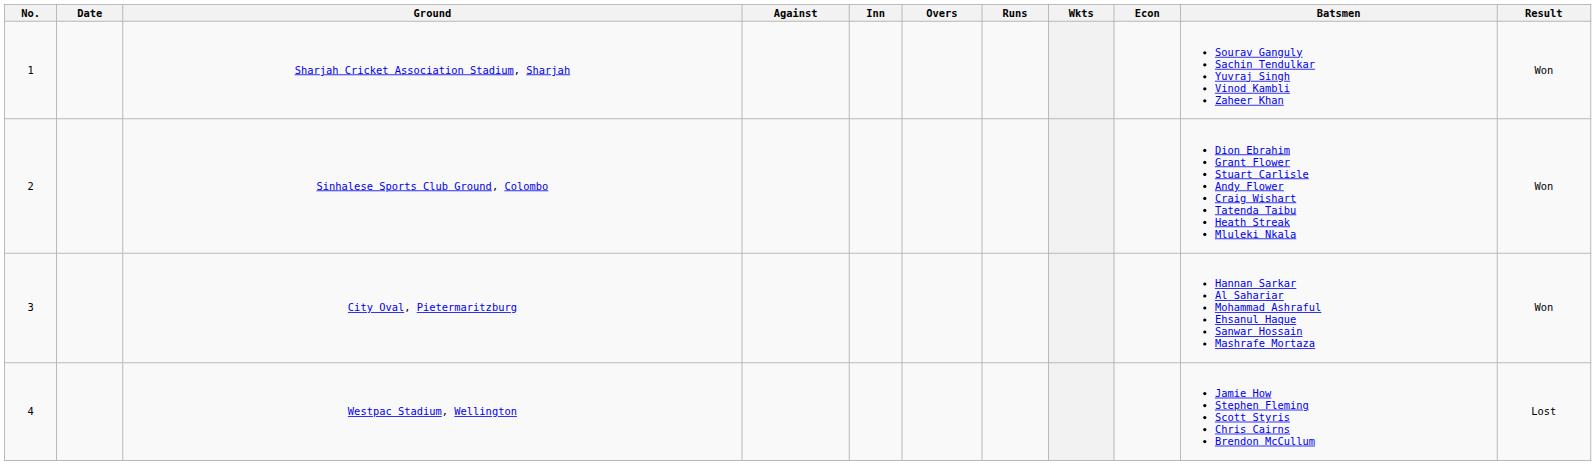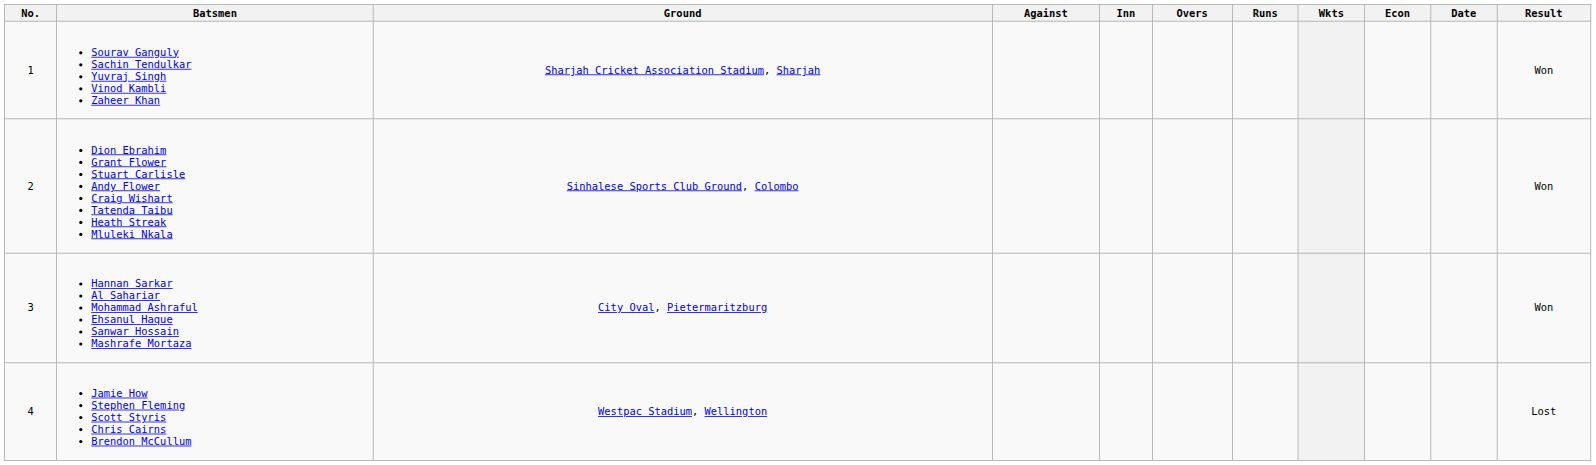 <table class="wikitable plainrowheaders sortable" style="width:100%">
 <tr>
 <th scope="col" class="unsortable">No.</th>
-<th scope="col">Date</th>
+<th scope="col" class="unsortable">Batsmen</th>
 <th scope="col">Ground</th>
 <th scope="col">Against</th>
 <th scope="col">Inn</th>
 <th scope="col">Overs</th>
 <th scope="col">Runs</th>
 <th scope="col">Wkts</th>
 <th scope="col">Econ</th>
-<th scope="col" class="unsortable">Batsmen</th>
+<th scope="col">Date</th>
 <th scope="col">Result</th>
 </tr>
 <tr align=center>
 <td>1</td>
-<td></td>
+<td align=left><br><ul><li><a href='#'>Sourav Ganguly</a></li><li><a href='#'>Sachin Tendulkar</a></li><li><a href='#'>Yuvraj Singh</a></li><li><a href='#'>Vinod Kambli</a></li><li><a href='#'>Zaheer Khan</a></li></ul></td>
 <td><a href='#'>Sharjah Cricket Association Stadium</a>, <a href='#'>Sharjah</a></td>
 <td></td>
 <td></td>
 <td></td>
 <td></td>
 <th scope="row"></th>
 <td></td>
-<td align=left><br><ul><li><a href='#'>Sourav Ganguly</a></li><li><a href='#'>Sachin Tendulkar</a></li><li><a href='#'>Yuvraj Singh</a></li><li><a href='#'>Vinod Kambli</a></li><li><a href='#'>Zaheer Khan</a></li></ul></td>
+<td></td>
 <td>Won</td>
 </tr>
 <tr align=center>
 <td>2</td>
-<td> </td>
+<td align=left><br><ul><li><a href='#'>Dion Ebrahim</a></li><li><a href='#'>Grant Flower</a></li><li><a href='#'>Stuart Carlisle</a></li><li><a href='#'>Andy Flower</a></li><li><a href='#'>Craig Wishart</a></li><li><a href='#'>Tatenda Taibu</a></li><li><a href='#'>Heath Streak</a></li><li><a href='#'>Mluleki Nkala</a></li></ul></td>
 <td><a href='#'>Sinhalese Sports Club Ground</a>, <a href='#'>Colombo</a></td>
 <td></td>
 <td></td>
 <td></td>
 <td></td>
 <th scope="row"></th>
 <td></td>
-<td align=left><br><ul><li><a href='#'>Dion Ebrahim</a></li><li><a href='#'>Grant Flower</a></li><li><a href='#'>Stuart Carlisle</a></li><li><a href='#'>Andy Flower</a></li><li><a href='#'>Craig Wishart</a></li><li><a href='#'>Tatenda Taibu</a></li><li><a href='#'>Heath Streak</a></li><li><a href='#'>Mluleki Nkala</a></li></ul></td>
+<td> </td>
 <td>Won</td>
 </tr>
 <tr align=center>
 <td>3</td>
-<td> </td>
+<td align=left><br><ul><li><a href='#'>Hannan Sarkar</a></li><li><a href='#'>Al Sahariar</a></li><li><a href='#'>Mohammad Ashraful</a></li><li><a href='#'>Ehsanul Haque</a></li><li><a href='#'>Sanwar Hossain</a></li><li><a href='#'>Mashrafe Mortaza</a></li></ul></td>
 <td><a href='#'>City Oval</a>, <a href='#'>Pietermaritzburg</a></td>
 <td></td>
 <td></td>
 <td></td>
 <td></td>
 <th scope="row"></th>
 <td></td>
-<td align=left><br><ul><li><a href='#'>Hannan Sarkar</a></li><li><a href='#'>Al Sahariar</a></li><li><a href='#'>Mohammad Ashraful</a></li><li><a href='#'>Ehsanul Haque</a></li><li><a href='#'>Sanwar Hossain</a></li><li><a href='#'>Mashrafe Mortaza</a></li></ul></td>
+<td> </td>
 <td>Won</td>
 </tr>
 <tr align=center>
 <td>4</td>
-<td></td>
+<td align=left><br><ul><li><a href='#'>Jamie How</a></li><li><a href='#'>Stephen Fleming</a></li><li><a href='#'>Scott Styris</a></li><li><a href='#'>Chris Cairns</a></li><li><a href='#'>Brendon McCullum</a></li></ul></td>
 <td><a href='#'>Westpac Stadium</a>, <a href='#'>Wellington</a></td>
 <td></td>
 <td></td>
 <td></td>
 <td></td>
 <th scope="row"></th>
 <td></td>
-<td align=left><br><ul><li><a href='#'>Jamie How</a></li><li><a href='#'>Stephen Fleming</a></li><li><a href='#'>Scott Styris</a></li><li><a href='#'>Chris Cairns</a></li><li><a href='#'>Brendon McCullum</a></li></ul></td>
+<td></td>
 <td>Lost</td>
 </tr>
 </table>
